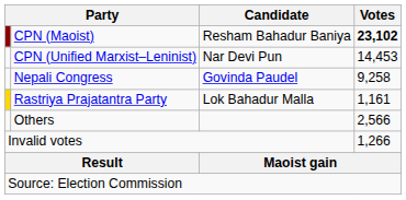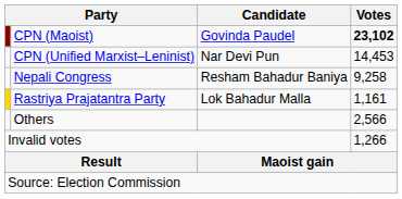 <table class="wikitable">
 <tr>
 <th colspan="2">Party</th>
 <th>Candidate</th>
 <th>Votes</th>
 </tr>
 <tr>
 <td style="background-color:darkred"></td>
 <td><a href='#'>CPN (Maoist)</a></td>
-<td>Resham Bahadur Baniya</td>
+<td><a href='#'>Govinda Paudel</a></td>
 <td><strong>23,102</strong></td>
 </tr>
 <tr>
 <td style="background-color:"></td>
 <td><a href='#'>CPN (Unified Marxist–Leninist)</a></td>
 <td>Nar Devi Pun</td>
 <td>14,453</td>
 </tr>
 <tr>
 <td style="background-color:"></td>
 <td><a href='#'>Nepali Congress</a></td>
-<td><a href='#'>Govinda Paudel</a></td>
+<td>Resham Bahadur Baniya</td>
 <td>9,258</td>
 </tr>
 <tr>
 <td style="background-color:gold"></td>
 <td><a href='#'>Rastriya Prajatantra Party</a></td>
 <td>Lok Bahadur Malla</td>
 <td>1,161</td>
 </tr>
 <tr>
 <td></td>
 <td>Others</td>
 <td></td>
 <td>2,566</td>
 </tr>
 <tr>
 <td colspan="3">Invalid votes</td>
 <td>1,266</td>
 </tr>
 <tr>
 <th colspan="2">Result</th>
 <th colspan="2">Maoist gain</th>
 </tr>
 <tr>
 <td colspan="4">Source: Election Commission</td>
 </tr>
 </table>
